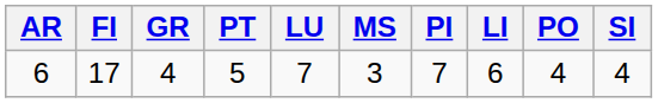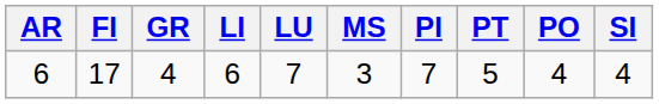 <table class="wikitable" border="1">
 <tr style="vertical-align:bottom;">
 <th> <a href='#'>AR</a> </th>
 <th> <a href='#'>FI</a> </th>
 <th> <a href='#'>GR</a> </th>
-<th> <a href='#'>PT</a> </th>
+<th> <a href='#'>LI</a> </th>
 <th> <a href='#'>LU</a> </th>
 <th> <a href='#'>MS</a> </th>
 <th> <a href='#'>PI</a> </th>
-<th> <a href='#'>LI</a> </th>
+<th> <a href='#'>PT</a> </th>
 <th> <a href='#'>PO</a> </th>
 <th> <a href='#'>SI</a> </th>
 </tr>
 <tr style="text-align:center;">
 <td>6</td>
 <td>17</td>
 <td>4</td>
-<td>5</td>
+<td>6</td>
 <td>7</td>
 <td>3</td>
 <td>7</td>
-<td>6</td>
+<td>5</td>
 <td>4</td>
 <td>4</td>
 </tr>
 </table>
